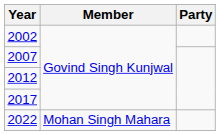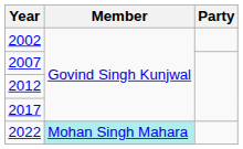 <table class="wikitable">
 <tr>
 <th>Year</th>
 <th>Member</th>
 <th colspan="2">Party</th>
 </tr>
 <tr>
 <td><a href='#'>2002</a></td>
 <td rowspan=4><a href='#'>Govind Singh Kunjwal</a></td>
 <td></td>
 </tr>
 <tr>
 <td><a href='#'>2007</a></td>
 </tr>
 <tr>
 <td><a href='#'>2012</a></td>
 </tr>
 <tr>
 <td><a href='#'>2017</a></td>
 </tr>
 <tr>
 <td><a href='#'>2022</a></td>
-<td><a href='#'>Mohan Singh Mahara</a></td>
+<td style="background: paleturquoise;"><a href='#'>Mohan Singh Mahara</a></td>
 <td></td>
 </tr>
 </table>
